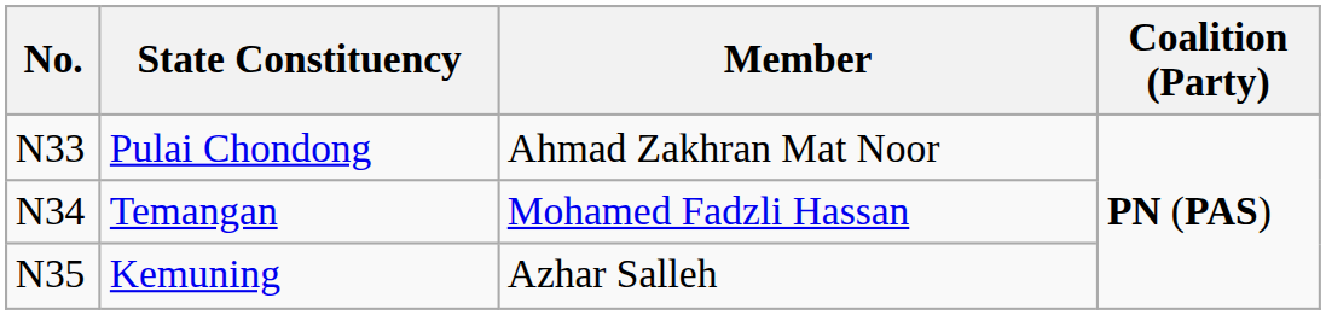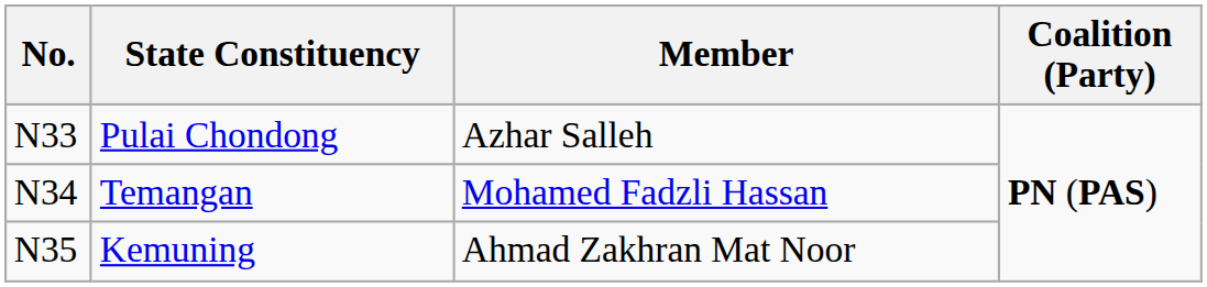 <table class="wikitable">
 <tr>
 <th width="30">No.</th>
 <th width="150">State Constituency</th>
 <th width="230">Member</th>
 <th width="80">Coalition (Party)</th>
 </tr>
 <tr>
 <td>N33</td>
 <td><a href='#'>Pulai Chondong</a></td>
-<td>Ahmad Zakhran Mat Noor</td>
+<td>Azhar Salleh</td>
 <td rowspan=3 style="background:"><strong>PN</strong> (<strong>PAS</strong>)</td>
 </tr>
 <tr>
 <td>N34</td>
 <td><a href='#'>Temangan</a></td>
 <td><a href='#'>Mohamed Fadzli Hassan</a></td>
 </tr>
 <tr>
 <td>N35</td>
 <td><a href='#'>Kemuning</a></td>
-<td>Azhar Salleh</td>
+<td>Ahmad Zakhran Mat Noor</td>
 </tr>
 </table>
